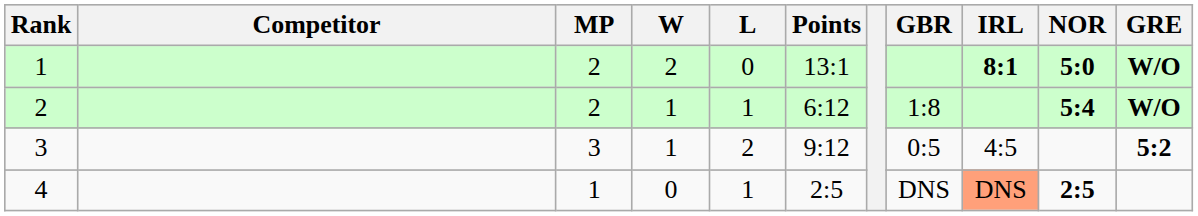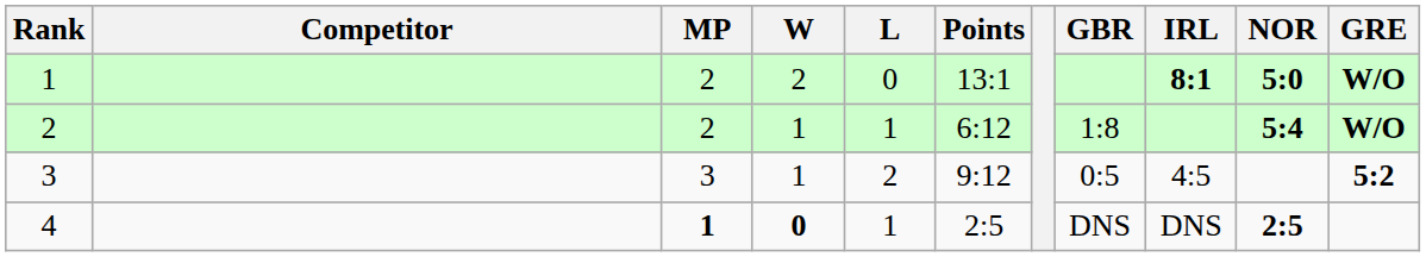 <table class="wikitable" style="text-align:center">
 <tr>
 <th>Rank</th>
 <th style="width:18em">Competitor</th>
 <th style="width:2.5em">MP</th>
 <th style="width:2.5em">W</th>
 <th style="width:2.5em">L</th>
 <th>Points</th>
 <th rowspan="5"> </th>
 <th style="width:2.5em">GBR</th>
 <th style="width:2.5em">IRL</th>
 <th style="width:2.5em">NOR</th>
 <th style="width:2.5em">GRE</th>
 </tr>
 <tr style="background:#cfc;">
 <td>1</td>
 <td style="text-align:left"></td>
 <td>2</td>
 <td>2</td>
 <td>0</td>
 <td>13:1</td>
 <td></td>
 <td><strong>8:1</strong></td>
 <td><strong>5:0</strong></td>
 <td><strong>W/O</strong></td>
 </tr>
 <tr style="background:#cfc;">
 <td>2</td>
 <td style="text-align:left"></td>
 <td>2</td>
 <td>1</td>
 <td>1</td>
 <td>6:12</td>
 <td>1:8</td>
 <td></td>
 <td><strong>5:4</strong></td>
 <td><strong>W/O</strong></td>
 </tr>
 <tr>
 <td>3</td>
 <td style="text-align:left"></td>
 <td>3</td>
 <td>1</td>
 <td>2</td>
 <td>9:12</td>
 <td>0:5</td>
 <td>4:5</td>
 <td></td>
 <td><strong>5:2</strong></td>
 </tr>
 <tr>
 <td>4</td>
 <td style="text-align:left"></td>
-<td>1</td>
-<td>0</td>
+<td><strong>1</strong></td>
+<td><strong>0</strong></td>
 <td>1</td>
 <td>2:5</td>
 <td>DNS</td>
-<td style="background: lightsalmon;">DNS</td>
+<td>DNS</td>
 <td><strong>2:5</strong></td>
 <td></td>
 </tr>
 </table>
